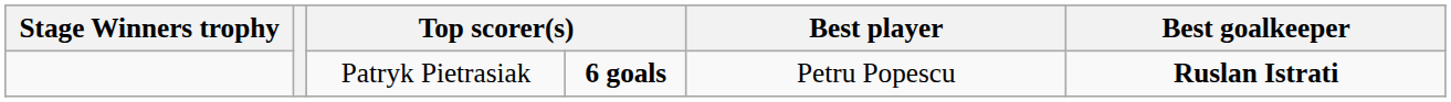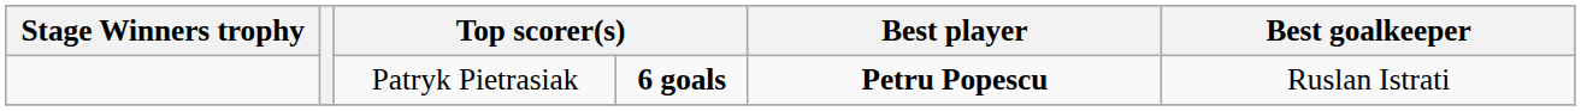 <table class="wikitable" style="text-align: center; font-size: 95%;">
 <tr>
 <th width=150>Stage Winners trophy</th>
 <th rowspan=2></th>
 <th width=200 colspan=2>Top scorer(s)</th>
 <th width=200>Best player</th>
 <th width=200>Best goalkeeper</th>
 </tr>
 <tr align=center style="background:">
 <td style="text-align:center;"></td>
 <td> Patryk Pietrasiak</td>
 <td><strong>6 goals</strong></td>
-<td> Petru Popescu</td>
-<td><strong> Ruslan Istrati</strong></td>
+<td><strong> Petru Popescu</strong></td>
+<td> Ruslan Istrati</td>
 </tr>
 </table>
